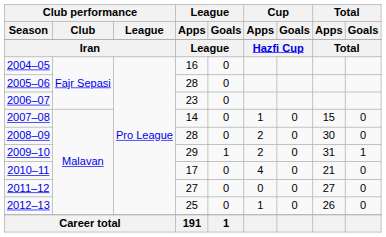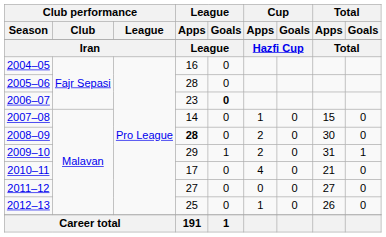 <table class="wikitable" style="text-align:center">
 <tr>
 <th colspan=3>Club performance</th>
 <th colspan=2>League</th>
 <th colspan=2>Cup</th>
 <th colspan=2>Total</th>
 </tr>
 <tr>
 <th>Season</th>
 <th>Club</th>
 <th>League</th>
 <th>Apps</th>
 <th>Goals</th>
 <th>Apps</th>
 <th>Goals</th>
 <th>Apps</th>
 <th>Goals</th>
 </tr>
 <tr>
 </tr>
 <tr>
 <th colspan=3>Iran</th>
 <th colspan=2>League</th>
 <th colspan=2><a href='#'>Hazfi Cup</a></th>
 <th colspan=2>Total</th>
 </tr>
 <tr>
 <td><a href='#'>2004–05</a></td>
 <td rowspan="3"><a href='#'>Fajr Sepasi</a></td>
 <td rowspan="9"><a href='#'>Pro League</a></td>
 <td>16</td>
 <td>0</td>
 <td></td>
 <td></td>
 <td></td>
 <td></td>
 </tr>
 <tr>
 <td><a href='#'>2005–06</a></td>
 <td>28</td>
 <td>0</td>
 <td></td>
 <td></td>
 <td></td>
 <td></td>
 </tr>
 <tr>
 <td><a href='#'>2006–07</a></td>
 <td>23</td>
-<td>0</td>
+<td><strong>0</strong></td>
 <td></td>
 <td></td>
 <td></td>
 <td></td>
 </tr>
 <tr>
 <td><a href='#'>2007–08</a></td>
 <td rowspan="6"><a href='#'>Malavan</a></td>
 <td>14</td>
 <td>0</td>
 <td>1</td>
 <td>0</td>
 <td>15</td>
 <td>0</td>
 </tr>
 <tr>
 <td><a href='#'>2008–09</a></td>
-<td>28</td>
+<td><strong>28</strong></td>
 <td>0</td>
 <td>2</td>
 <td>0</td>
 <td>30</td>
 <td>0</td>
 </tr>
 <tr>
 <td><a href='#'>2009–10</a></td>
 <td>29</td>
 <td>1</td>
 <td>2</td>
 <td>0</td>
 <td>31</td>
 <td>1</td>
 </tr>
 <tr>
 <td><a href='#'>2010–11</a></td>
 <td>17</td>
 <td>0</td>
 <td>4</td>
 <td>0</td>
 <td>21</td>
 <td>0</td>
 </tr>
 <tr>
 <td><a href='#'>2011–12</a></td>
 <td>27</td>
 <td>0</td>
 <td>0</td>
 <td>0</td>
 <td>27</td>
 <td>0</td>
 </tr>
 <tr>
 <td><a href='#'>2012–13</a></td>
 <td>25</td>
 <td>0</td>
 <td>1</td>
 <td>0</td>
 <td>26</td>
 <td>0</td>
 </tr>
 <tr>
 </tr>
 <tr>
 <th colspan=3>Career total</th>
 <th>191</th>
 <th>1</th>
 <th></th>
 <th></th>
 <th></th>
 <th></th>
 </tr>
 </table>
